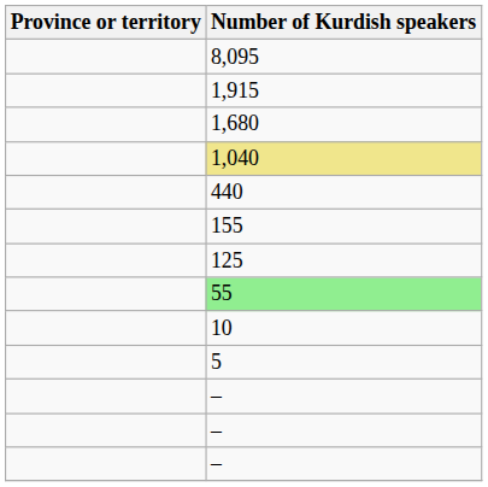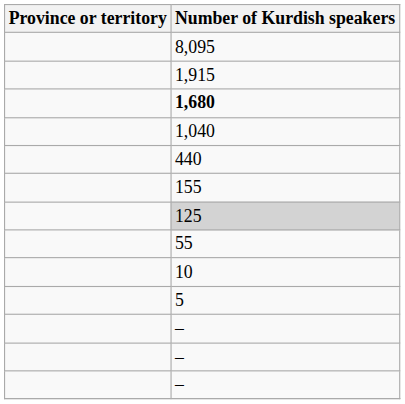 <table class="wikitable sortable">
 <tr>
 <th>Province or territory</th>
 <th>Number of Kurdish speakers</th>
 </tr>
 <tr>
 <td></td>
 <td>8,095</td>
 </tr>
 <tr>
 <td></td>
 <td>1,915</td>
 </tr>
 <tr>
 <td></td>
-<td>1,680</td>
+<td><strong>1,680</strong></td>
 </tr>
 <tr>
 <td></td>
-<td style="background: khaki;">1,040</td>
+<td>1,040</td>
 </tr>
 <tr>
 <td></td>
 <td>440</td>
 </tr>
 <tr>
 <td></td>
 <td>155</td>
 </tr>
 <tr>
 <td></td>
-<td>125</td>
+<td style="background: lightgrey;">125</td>
 </tr>
 <tr>
 <td></td>
-<td style="background: lightgreen;">55</td>
+<td>55</td>
 </tr>
 <tr>
 <td></td>
 <td>10</td>
 </tr>
 <tr>
 <td></td>
 <td>5</td>
 </tr>
 <tr>
 <td></td>
 <td>–</td>
 </tr>
 <tr>
 <td></td>
 <td>–</td>
 </tr>
 <tr>
 <td></td>
 <td>–</td>
 </tr>
 <tr>
 </tr>
 </table>
